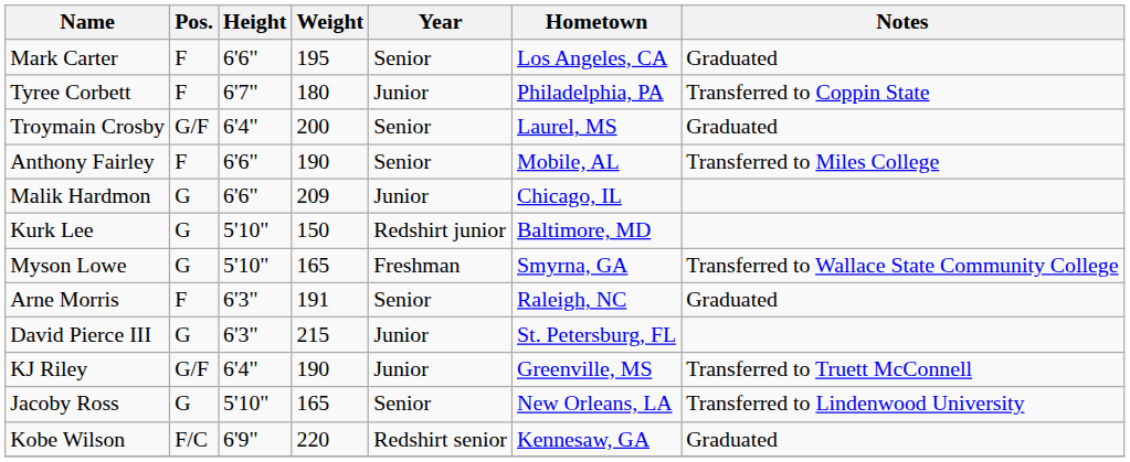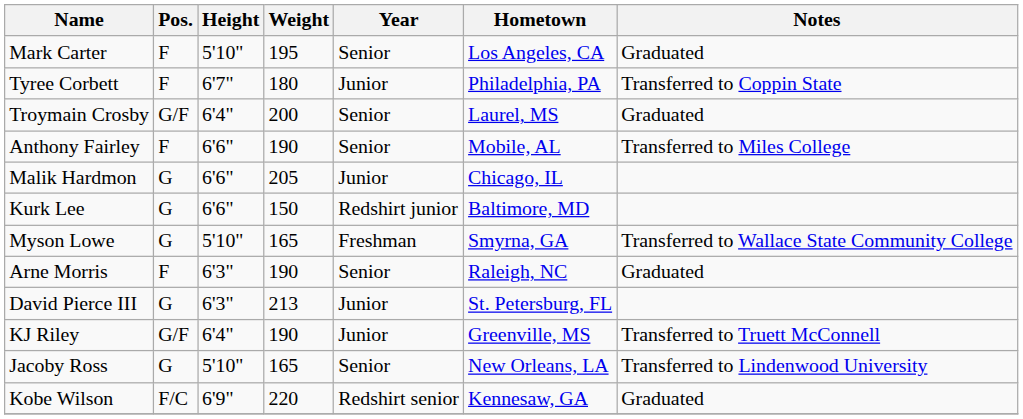 <table class="wikitable sortable" border="1">
 <tr align=center>
 <th>Name</th>
 <th>Pos.</th>
 <th>Height</th>
 <th>Weight</th>
 <th>Year</th>
 <th>Hometown</th>
 <th>Notes</th>
 </tr>
 <tr>
 <td>Mark Carter</td>
 <td>F</td>
-<td>6'6"</td>
+<td>5'10"</td>
 <td>195</td>
 <td>Senior</td>
 <td><a href='#'>Los Angeles, CA</a></td>
 <td>Graduated</td>
 </tr>
 <tr>
 <td>Tyree Corbett</td>
 <td>F</td>
 <td>6'7"</td>
 <td>180</td>
 <td>Junior</td>
 <td><a href='#'>Philadelphia, PA</a></td>
 <td>Transferred to <a href='#'>Coppin State</a></td>
 </tr>
 <tr>
 <td>Troymain Crosby</td>
 <td>G/F</td>
 <td>6'4"</td>
 <td>200</td>
 <td>Senior</td>
 <td><a href='#'>Laurel, MS</a></td>
 <td>Graduated</td>
 </tr>
 <tr>
 <td>Anthony Fairley</td>
 <td>F</td>
 <td>6'6"</td>
 <td>190</td>
 <td>Senior</td>
 <td><a href='#'>Mobile, AL</a></td>
 <td>Transferred to <a href='#'>Miles College</a></td>
 </tr>
 <tr>
 <td>Malik Hardmon</td>
 <td>G</td>
 <td>6'6"</td>
-<td>209</td>
+<td>205</td>
 <td>Junior</td>
 <td><a href='#'>Chicago, IL</a></td>
 <td></td>
 </tr>
 <tr>
 <td>Kurk Lee</td>
 <td>G</td>
-<td>5'10"</td>
+<td>6'6"</td>
 <td>150</td>
 <td>Redshirt junior</td>
 <td><a href='#'>Baltimore, MD</a></td>
 <td></td>
 </tr>
 <tr>
 <td>Myson Lowe</td>
 <td>G</td>
 <td>5'10"</td>
 <td>165</td>
 <td>Freshman</td>
 <td><a href='#'>Smyrna, GA</a></td>
 <td>Transferred to <a href='#'>Wallace State Community College</a></td>
 </tr>
 <tr>
 <td>Arne Morris</td>
 <td>F</td>
 <td>6'3"</td>
-<td>191</td>
+<td>190</td>
 <td>Senior</td>
 <td><a href='#'>Raleigh, NC</a></td>
 <td>Graduated</td>
 </tr>
 <tr>
 <td>David Pierce III</td>
 <td>G</td>
 <td>6'3"</td>
-<td>215</td>
+<td>213</td>
 <td>Junior</td>
 <td><a href='#'>St. Petersburg, FL</a></td>
 <td></td>
 </tr>
 <tr>
 <td>KJ Riley</td>
 <td>G/F</td>
 <td>6'4"</td>
 <td>190</td>
 <td>Junior</td>
 <td><a href='#'>Greenville, MS</a></td>
 <td>Transferred to <a href='#'>Truett McConnell</a></td>
 </tr>
 <tr>
 <td>Jacoby Ross</td>
 <td>G</td>
 <td>5'10"</td>
 <td>165</td>
 <td>Senior</td>
 <td><a href='#'>New Orleans, LA</a></td>
 <td>Transferred to <a href='#'>Lindenwood University</a></td>
 </tr>
 <tr>
 <td>Kobe Wilson</td>
 <td>F/C</td>
 <td>6'9"</td>
 <td>220</td>
 <td>Redshirt senior</td>
 <td><a href='#'>Kennesaw, GA</a></td>
 <td>Graduated</td>
 </tr>
 <tr>
 </tr>
 </table>
